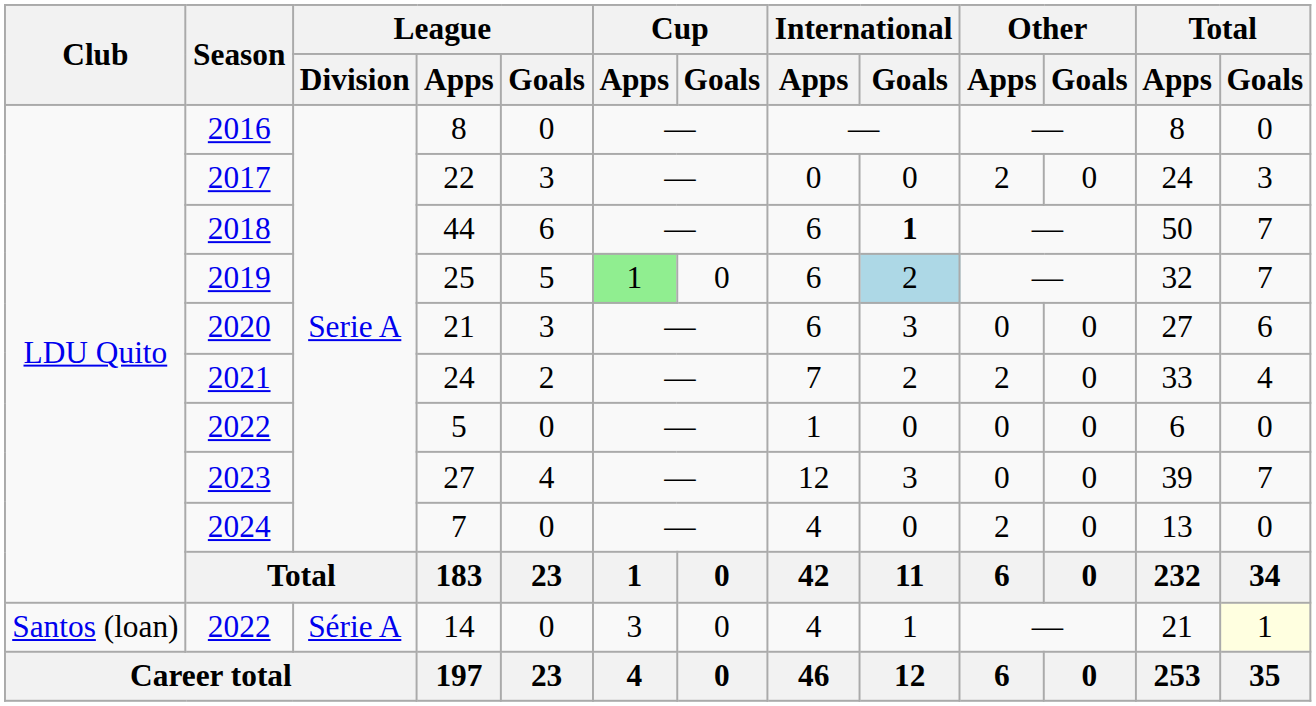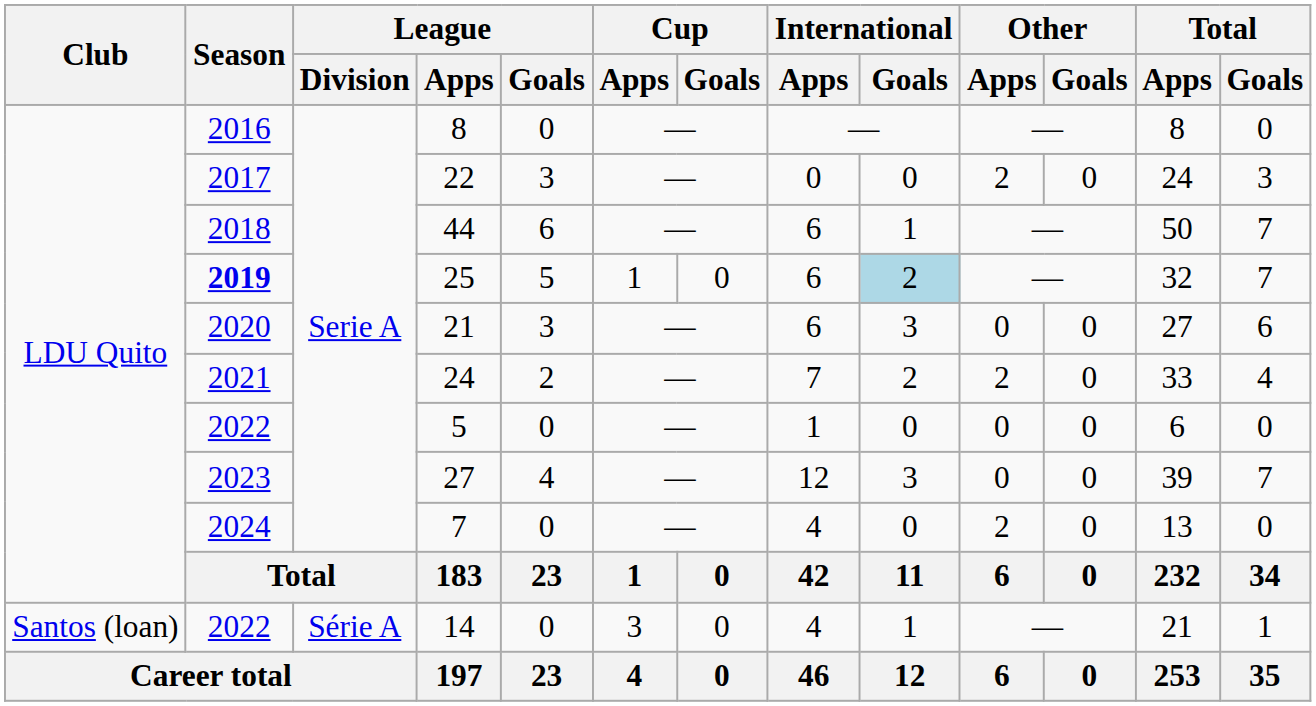 <table class="wikitable" style="text-align: center;">
 <tr>
 <th rowspan="2">Club</th>
 <th rowspan="2">Season</th>
 <th colspan="3">League</th>
 <th colspan="2">Cup</th>
 <th colspan="2">International</th>
 <th colspan="2">Other</th>
 <th colspan="2">Total</th>
 </tr>
 <tr>
 <th>Division</th>
 <th>Apps</th>
 <th>Goals</th>
 <th>Apps</th>
 <th>Goals</th>
 <th>Apps</th>
 <th>Goals</th>
 <th>Apps</th>
 <th>Goals</th>
 <th>Apps</th>
 <th>Goals</th>
 </tr>
 <tr>
 <td rowspan="10"><a href='#'>LDU Quito</a></td>
 <td><a href='#'>2016</a></td>
 <td rowspan="9"><a href='#'>Serie A</a></td>
 <td>8</td>
 <td>0</td>
 <td colspan="2">—</td>
 <td colspan="2">—</td>
 <td colspan="2">—</td>
 <td>8</td>
 <td>0</td>
 </tr>
 <tr>
 <td><a href='#'>2017</a></td>
 <td>22</td>
 <td>3</td>
 <td colspan="2">—</td>
 <td>0</td>
 <td>0</td>
 <td>2</td>
 <td>0</td>
 <td>24</td>
 <td>3</td>
 </tr>
 <tr>
 <td><a href='#'>2018</a></td>
 <td>44</td>
 <td>6</td>
 <td colspan="2">—</td>
 <td>6</td>
-<td><strong>1</strong></td>
+<td>1</td>
 <td colspan="2">—</td>
 <td>50</td>
 <td>7</td>
 </tr>
 <tr>
-<td><a href='#'>2019</a></td>
+<td><strong><a href='#'>2019</a></strong></td>
 <td>25</td>
 <td>5</td>
-<td style="background: lightgreen;">1</td>
+<td>1</td>
 <td>0</td>
 <td>6</td>
 <td style="background: lightblue;">2</td>
 <td colspan="2">—</td>
 <td>32</td>
 <td>7</td>
 </tr>
 <tr>
 <td><a href='#'>2020</a></td>
 <td>21</td>
 <td>3</td>
 <td colspan="2">—</td>
 <td>6</td>
 <td>3</td>
 <td>0</td>
 <td>0</td>
 <td>27</td>
 <td>6</td>
 </tr>
 <tr>
 <td><a href='#'>2021</a></td>
 <td>24</td>
 <td>2</td>
 <td colspan="2">—</td>
 <td>7</td>
 <td>2</td>
 <td>2</td>
 <td>0</td>
 <td>33</td>
 <td>4</td>
 </tr>
 <tr>
 <td><a href='#'>2022</a></td>
 <td>5</td>
 <td>0</td>
 <td colspan="2">—</td>
 <td>1</td>
 <td>0</td>
 <td>0</td>
 <td>0</td>
 <td>6</td>
 <td>0</td>
 </tr>
 <tr>
 <td><a href='#'>2023</a></td>
 <td>27</td>
 <td>4</td>
 <td colspan="2">—</td>
 <td>12</td>
 <td>3</td>
 <td>0</td>
 <td>0</td>
 <td>39</td>
 <td>7</td>
 </tr>
 <tr>
 <td><a href='#'>2024</a></td>
 <td>7</td>
 <td>0</td>
 <td colspan="2">—</td>
 <td>4</td>
 <td>0</td>
 <td>2</td>
 <td>0</td>
 <td>13</td>
 <td>0</td>
 </tr>
 <tr>
 <th colspan="2">Total</th>
 <th>183</th>
 <th>23</th>
 <th>1</th>
 <th>0</th>
 <th>42</th>
 <th>11</th>
 <th>6</th>
 <th>0</th>
 <th>232</th>
 <th>34</th>
 </tr>
 <tr>
 <td><a href='#'>Santos</a> (loan)</td>
 <td><a href='#'>2022</a></td>
 <td><a href='#'>Série A</a></td>
 <td>14</td>
 <td>0</td>
 <td>3</td>
 <td>0</td>
 <td>4</td>
 <td>1</td>
 <td colspan="2">—</td>
 <td>21</td>
-<td style="background: lightyellow;">1</td>
+<td>1</td>
 </tr>
 <tr>
 <th colspan="3">Career total</th>
 <th>197</th>
 <th>23</th>
 <th>4</th>
 <th>0</th>
 <th>46</th>
 <th>12</th>
 <th>6</th>
 <th>0</th>
 <th>253</th>
 <th>35</th>
 </tr>
 </table>
